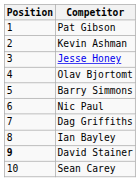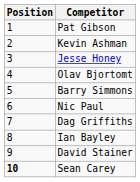 <table class="wikitable" border="1">
 <tr>
 <th>Position</th>
 <th>Competitor</th>
 </tr>
 <tr>
 <td>1</td>
 <td>Pat Gibson</td>
 </tr>
 <tr>
 <td>2</td>
 <td>Kevin Ashman</td>
 </tr>
 <tr>
 <td>3</td>
 <td><a href='#'>Jesse Honey</a></td>
 </tr>
 <tr>
 <td>4</td>
 <td>Olav Bjortomt</td>
 </tr>
 <tr>
 <td>5</td>
 <td>Barry Simmons</td>
 </tr>
 <tr>
 <td>6</td>
 <td>Nic Paul</td>
 </tr>
 <tr>
 <td>7</td>
 <td>Dag Griffiths</td>
 </tr>
 <tr>
 <td>8</td>
 <td>Ian Bayley</td>
 </tr>
 <tr>
-<td><strong>9</strong></td>
+<td>9</td>
 <td>David Stainer</td>
 </tr>
 <tr>
-<td>10</td>
+<td><strong>10</strong></td>
 <td>Sean Carey</td>
 </tr>
 </table>
